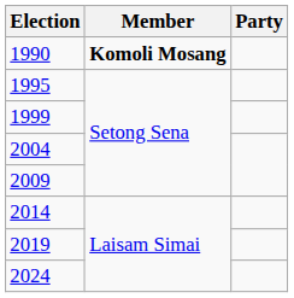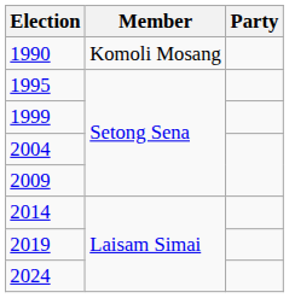 <table class="wikitable sortable">
 <tr>
 <th>Election</th>
 <th>Member</th>
 <th colspan=2>Party</th>
 </tr>
 <tr>
 <td><a href='#'>1990</a></td>
-<td><strong>Komoli Mosang</strong></td>
+<td>Komoli Mosang</td>
 <td></td>
 </tr>
 <tr>
 <td><a href='#'>1995</a></td>
 <td rowspan=4><a href='#'>Setong Sena</a></td>
 <td></td>
 </tr>
 <tr>
 <td><a href='#'>1999</a></td>
 <td></td>
 </tr>
 <tr>
 <td><a href='#'>2004</a></td>
 </tr>
 <tr>
 <td><a href='#'>2009</a></td>
 </tr>
 <tr>
 <td><a href='#'>2014</a></td>
 <td rowspan=3><a href='#'>Laisam Simai</a></td>
 <td></td>
 </tr>
 <tr>
 <td><a href='#'>2019</a></td>
 </tr>
 <tr>
 <td><a href='#'>2024</a></td>
 <td></td>
 </tr>
 </table>
